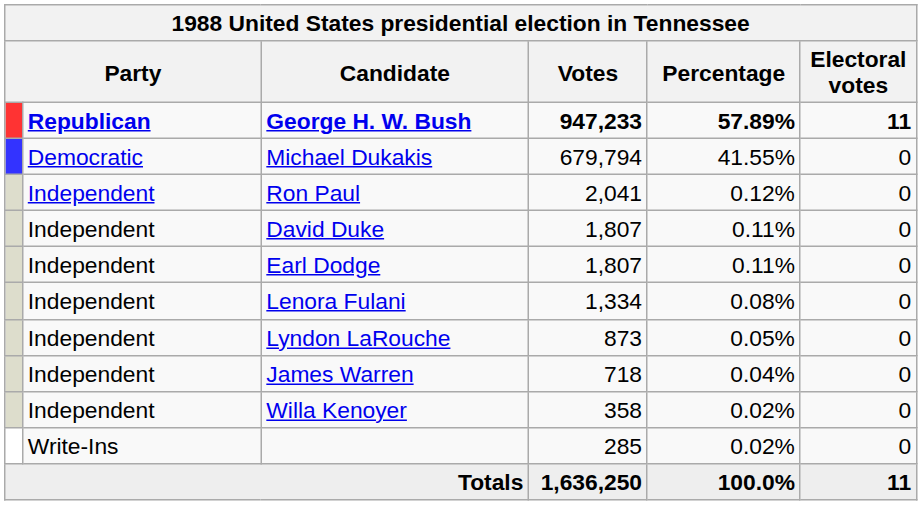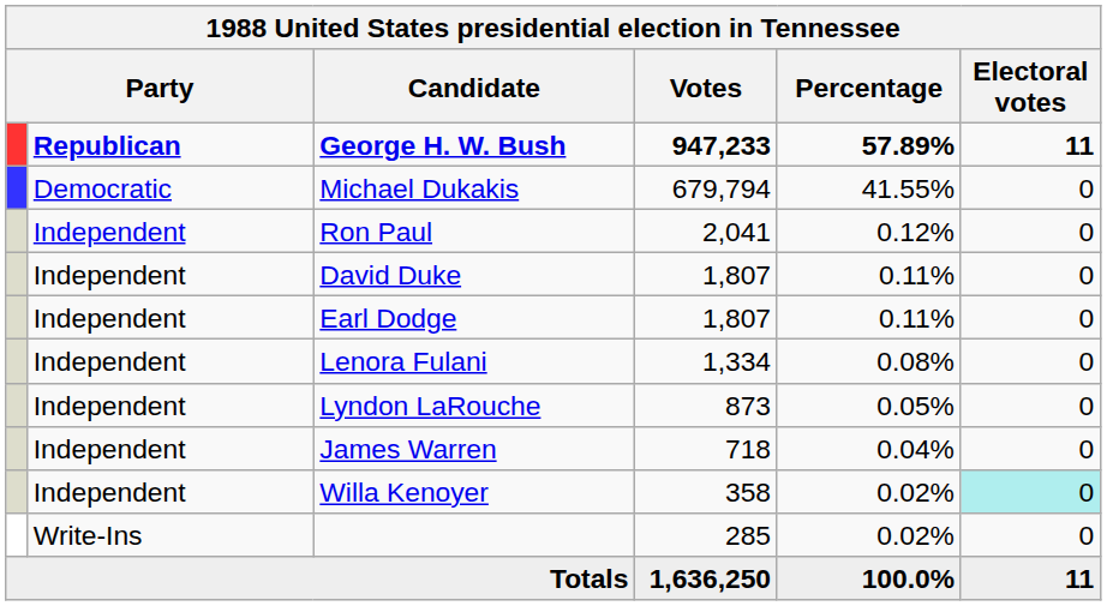 <table class="wikitable" style="font-size: 95%;">
 <tr>
 <th colspan="6">1988 United States presidential election in Tennessee</th>
 </tr>
 <tr>
 <th colspan="2" style="width: 15em">Party</th>
 <th style="width: 17em">Candidate</th>
 <th style="width: 5em">Votes</th>
 <th style="width: 7em">Percentage</th>
 <th style="width: 5em">Electoral votes</th>
 </tr>
 <tr>
 <th style="background:#f33; width:3px;"></th>
 <td style="width: 130px"><strong><a href='#'>Republican</a></strong></td>
 <td><strong><a href='#'>George H. W. Bush</a></strong></td>
 <td style="text-align:right;"><strong>947,233</strong></td>
 <td style="text-align:right;"><strong>57.89%</strong></td>
 <td style="text-align:right;"><strong>11</strong></td>
 </tr>
 <tr>
 <th style="background:#33f; width:3px;"></th>
 <td style="width: 130px"><a href='#'>Democratic</a></td>
 <td><a href='#'>Michael Dukakis</a></td>
 <td style="text-align:right;">679,794</td>
 <td style="text-align:right;">41.55%</td>
 <td style="text-align:right;">0</td>
 </tr>
 <tr>
 <th style="background:#DDDDCC; width:3px;"></th>
 <td style="width: 130px"><a href='#'>Independent</a></td>
 <td><a href='#'>Ron Paul</a></td>
 <td style="text-align:right;">2,041</td>
 <td style="text-align:right;">0.12%</td>
 <td style="text-align:right;">0</td>
 </tr>
 <tr>
 <th style="background:#DDDDCC; width:3px;"></th>
 <td style="width: 130px">Independent</td>
 <td><a href='#'>David Duke</a></td>
 <td style="text-align:right;">1,807</td>
 <td style="text-align:right;">0.11%</td>
 <td style="text-align:right;">0</td>
 </tr>
 <tr>
 <th style="background:#DDDDCC; width:3px;"></th>
 <td style="width: 130px">Independent</td>
 <td><a href='#'>Earl Dodge</a></td>
 <td style="text-align:right;">1,807</td>
 <td style="text-align:right;">0.11%</td>
 <td style="text-align:right;">0</td>
 </tr>
 <tr>
 <th style="background:#DDDDCC; width:3px;"></th>
 <td style="width: 130px">Independent</td>
 <td><a href='#'>Lenora Fulani</a></td>
 <td style="text-align:right;">1,334</td>
 <td style="text-align:right;">0.08%</td>
 <td style="text-align:right;">0</td>
 </tr>
 <tr>
 <th style="background:#DDDDCC; width:3px;"></th>
 <td style="width: 130px">Independent</td>
 <td><a href='#'>Lyndon LaRouche</a></td>
 <td style="text-align:right;">873</td>
 <td style="text-align:right;">0.05%</td>
 <td style="text-align:right;">0</td>
 </tr>
 <tr>
 <th style="background:#DDDDCC; width:3px;"></th>
 <td style="width: 130px">Independent</td>
 <td><a href='#'>James Warren</a></td>
 <td style="text-align:right;">718</td>
 <td style="text-align:right;">0.04%</td>
 <td style="text-align:right;">0</td>
 </tr>
 <tr>
 <th style="background:#DDDDCC; width:3px;"></th>
 <td style="width: 130px">Independent</td>
 <td><a href='#'>Willa Kenoyer</a></td>
 <td style="text-align:right;">358</td>
 <td style="text-align:right;">0.02%</td>
-<td style="text-align:right;">0</td>
+<td style="background: paleturquoise; text-align:right;">0</td>
 </tr>
 <tr>
 <th style="background:#FFFFFF; width:3px;"></th>
 <td style="width: 130px">Write-Ins</td>
 <td></td>
 <td style="text-align:right;">285</td>
 <td style="text-align:right;">0.02%</td>
 <td style="text-align:right;">0</td>
 </tr>
 <tr style="background:#eee; text-align:right;">
 <td colspan="3"><strong>Totals</strong></td>
 <td><strong>1,636,250</strong></td>
 <td><strong>100.0%</strong></td>
 <td><strong>11</strong></td>
 </tr>
 </table>
